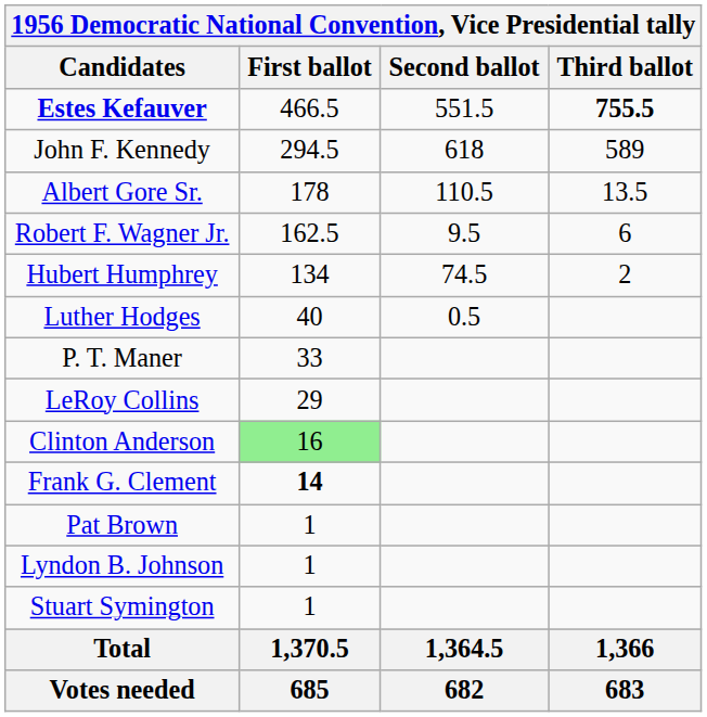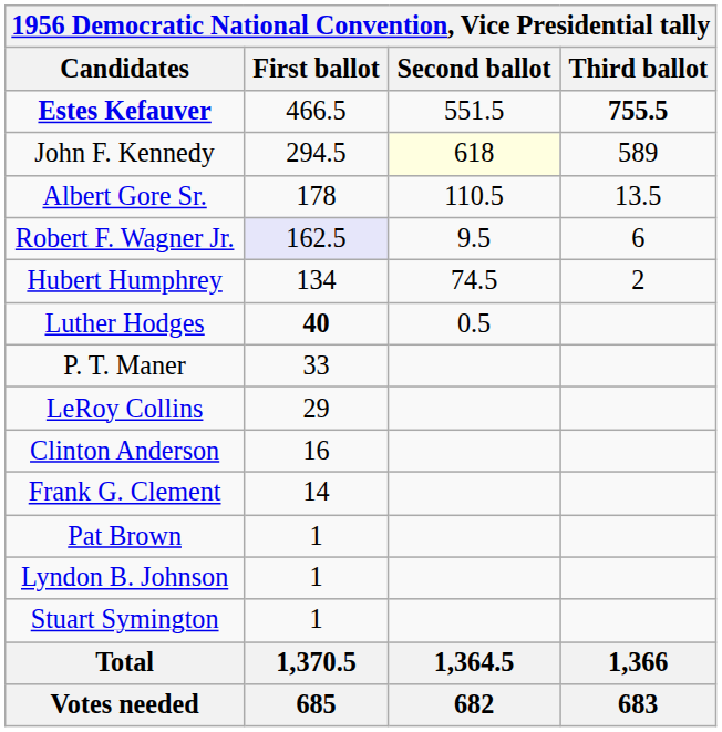 <table class="wikitable" style="text-align:center;">
 <tr>
 <th colspan="4"><a href='#'>1956 Democratic National Convention</a>, Vice Presidential tally</th>
 </tr>
 <tr>
 <th>Candidates</th>
 <th>First ballot</th>
 <th>Second ballot</th>
 <th>Third ballot</th>
 </tr>
 <tr>
 <td><strong><a href='#'>Estes Kefauver</a></strong></td>
 <td>466.5</td>
 <td>551.5</td>
 <td><strong>755.5</strong></td>
 </tr>
 <tr>
 <td>John F. Kennedy</td>
 <td>294.5</td>
-<td>618</td>
+<td style="background: lightyellow;">618</td>
 <td>589</td>
 </tr>
 <tr>
 <td><a href='#'>Albert Gore Sr.</a></td>
 <td>178</td>
 <td>110.5</td>
 <td>13.5</td>
 </tr>
 <tr>
 <td><a href='#'>Robert F. Wagner Jr.</a></td>
-<td>162.5</td>
+<td style="background: lavender;">162.5</td>
 <td>9.5</td>
 <td>6</td>
 </tr>
 <tr>
 <td><a href='#'>Hubert Humphrey</a></td>
 <td>134</td>
 <td>74.5</td>
 <td>2</td>
 </tr>
 <tr>
 <td><a href='#'>Luther Hodges</a></td>
-<td>40</td>
+<td><strong>40</strong></td>
 <td>0.5</td>
 <td></td>
 </tr>
 <tr>
 <td>P. T. Maner</td>
 <td>33</td>
 <td></td>
 <td></td>
 </tr>
 <tr>
 <td><a href='#'>LeRoy Collins</a></td>
 <td>29</td>
 <td></td>
 <td></td>
 </tr>
 <tr>
 <td><a href='#'>Clinton Anderson</a></td>
-<td style="background: lightgreen;">16</td>
+<td>16</td>
 <td></td>
 <td></td>
 </tr>
 <tr>
 <td><a href='#'>Frank G. Clement</a></td>
-<td><strong>14</strong></td>
+<td>14</td>
 <td></td>
 <td></td>
 </tr>
 <tr>
 <td><a href='#'>Pat Brown</a></td>
 <td>1</td>
 <td></td>
 <td></td>
 </tr>
 <tr>
 <td><a href='#'>Lyndon B. Johnson</a></td>
 <td>1</td>
 <td></td>
 <td></td>
 </tr>
 <tr>
 <td><a href='#'>Stuart Symington</a></td>
 <td>1</td>
 <td></td>
 <td></td>
 </tr>
 <tr>
 <th>Total</th>
 <th>1,370.5</th>
 <th>1,364.5</th>
 <th>1,366</th>
 </tr>
 <tr>
 <th>Votes needed</th>
 <th>685</th>
 <th>682</th>
 <th>683</th>
 </tr>
 </table>
